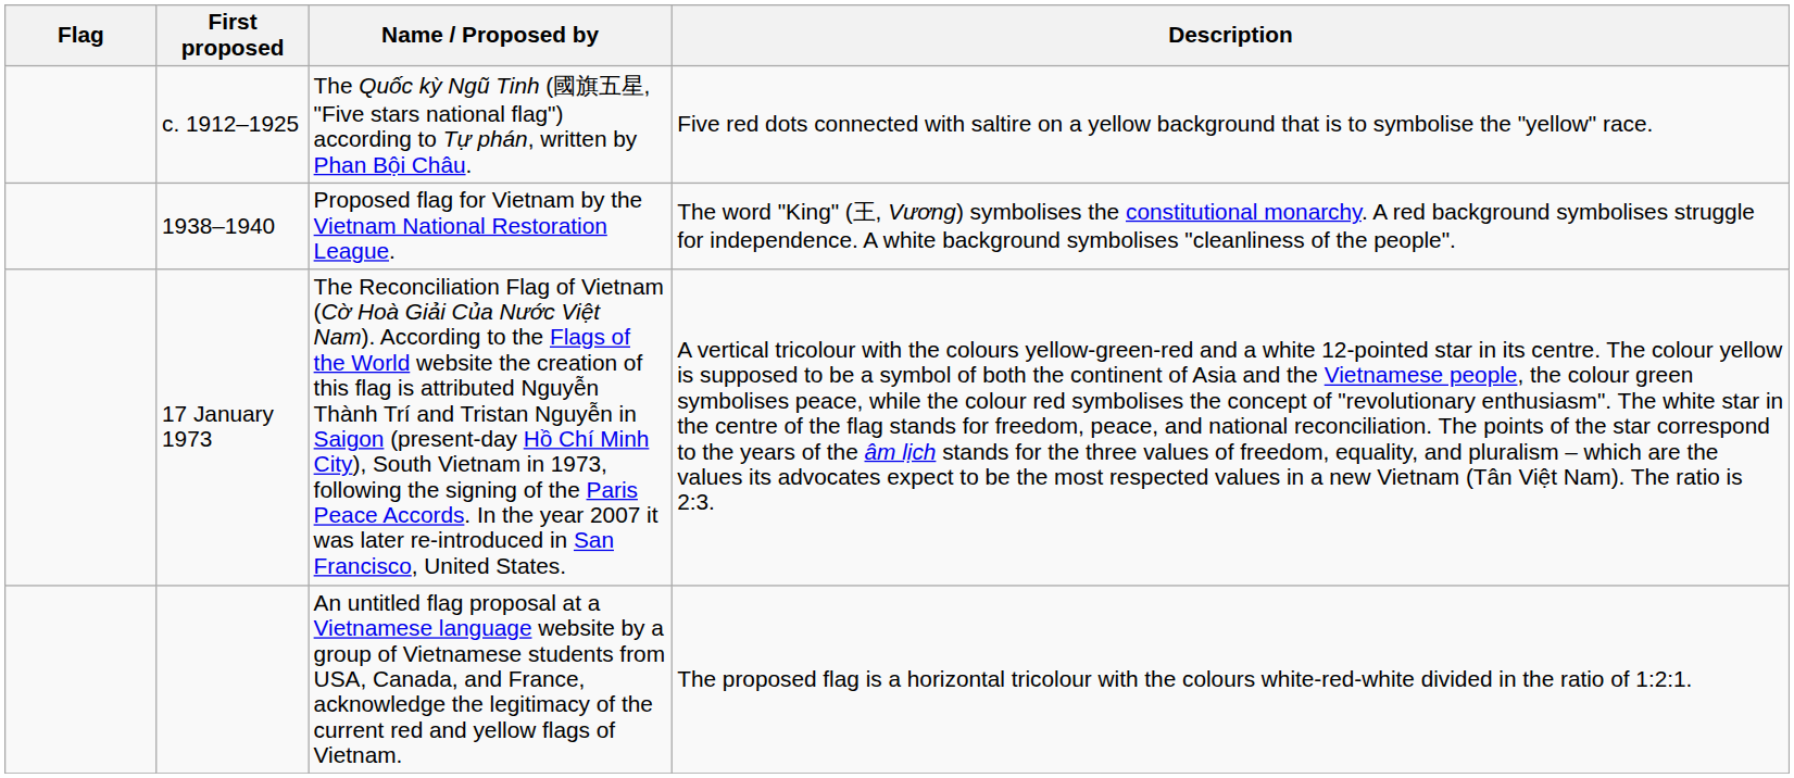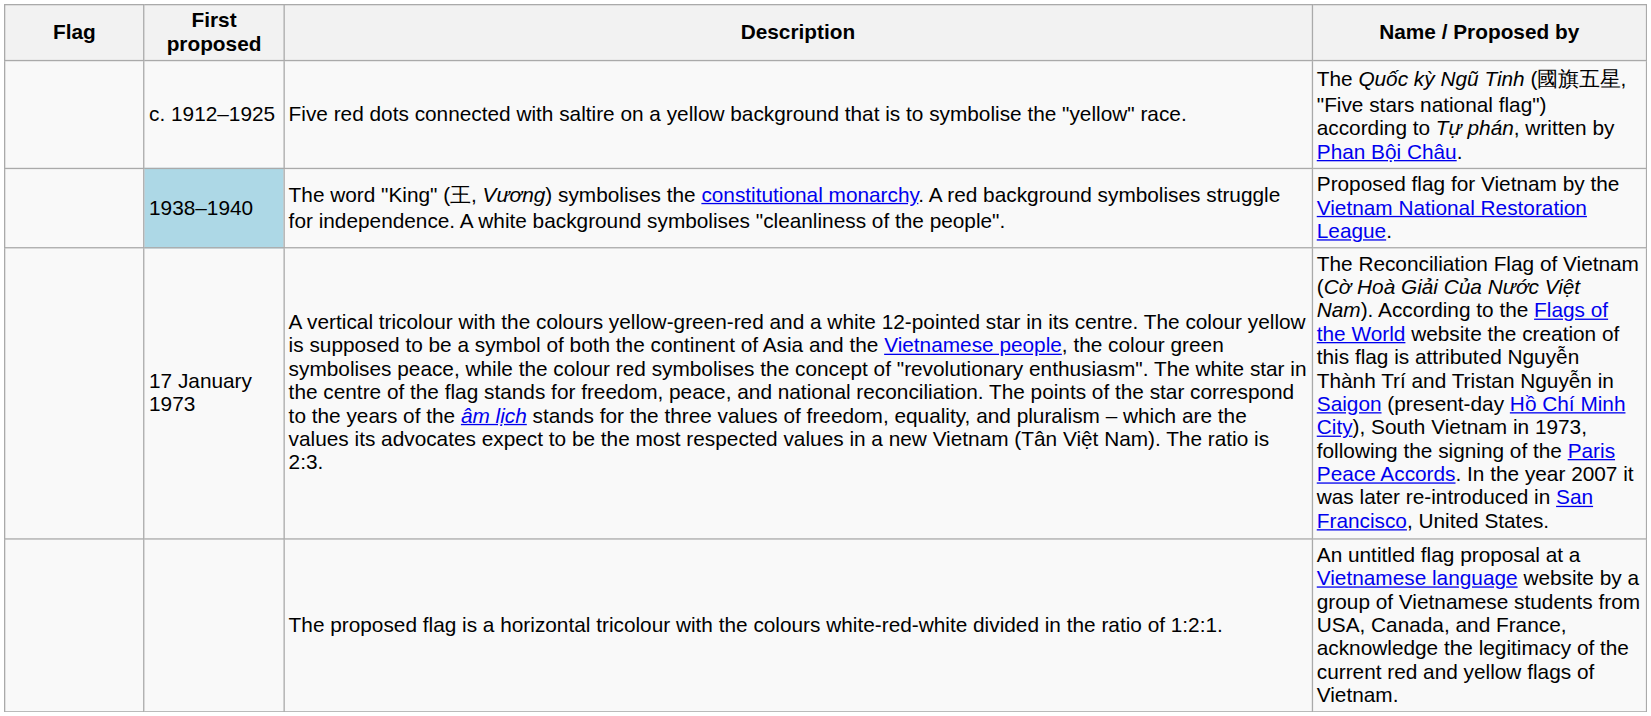 <table class="wikitable" style="width:100%">
 <tr>
 <th width="100px">Flag</th>
 <th width="100px">First proposed</th>
+<th style="min-width:250px">Description</th>
 <th width="250px">Name / Proposed by</th>
-<th style="min-width:250px">Description</th>
 </tr>
 <tr>
 <td></td>
 <td>c. 1912–1925</td>
+<td>Five red dots connected with saltire on a yellow background that is to symbolise the "yellow" race.</td>
 <td>The <em>Quốc kỳ Ngũ Tinh</em> (國旗五星, "Five stars national flag") according to <em>Tự phán</em>, written by <a href='#'>Phan Bội Châu</a>.</td>
-<td>Five red dots connected with saltire on a yellow background that is to symbolise the "yellow" race.</td>
 </tr>
 <tr>
 <td></td>
-<td>1938–1940</td>
+<td style="background: lightblue;">1938–1940</td>
+<td>The word "King" (王, <em>Vương</em>) symbolises the <a href='#'>constitutional monarchy</a>. A red background symbolises struggle for independence. A white background symbolises "cleanliness of the people".</td>
 <td>Proposed flag for Vietnam by the <a href='#'>Vietnam National Restoration League</a>.</td>
-<td>The word "King" (王, <em>Vương</em>) symbolises the <a href='#'>constitutional monarchy</a>. A red background symbolises struggle for independence. A white background symbolises "cleanliness of the people".</td>
 </tr>
 <tr>
 <td></td>
 <td>17 January 1973</td>
+<td>A vertical tricolour with the colours yellow-green-red and a white 12-pointed star in its centre. The colour yellow is supposed to be a symbol of both the continent of Asia and the <a href='#'>Vietnamese people</a>, the colour green symbolises peace, while the colour red symbolises the concept of "revolutionary enthusiasm". The white star in the centre of the flag stands for freedom, peace, and national reconciliation. The points of the star correspond to the years of the <em><a href='#'>âm lịch</a></em> stands for the three values of freedom, equality, and pluralism – which are the values its advocates expect to be the most respected values in a new Vietnam (Tân Việt Nam). The ratio is 2:3.</td>
 <td>The Reconciliation Flag of Vietnam (<em>Cờ Hoà Giải Của Nước Việt Nam</em>). According to the <a href='#'>Flags of the World</a> website the creation of this flag is attributed Nguyễn Thành Trí and Tristan Nguyễn in <a href='#'>Saigon</a> (present-day <a href='#'>Hồ Chí Minh City</a>), South Vietnam in 1973, following the signing of the <a href='#'>Paris Peace Accords</a>. In the year 2007 it was later re-introduced in <a href='#'>San Francisco</a>, United States.</td>
-<td>A vertical tricolour with the colours yellow-green-red and a white 12-pointed star in its centre. The colour yellow is supposed to be a symbol of both the continent of Asia and the <a href='#'>Vietnamese people</a>, the colour green symbolises peace, while the colour red symbolises the concept of "revolutionary enthusiasm". The white star in the centre of the flag stands for freedom, peace, and national reconciliation. The points of the star correspond to the years of the <em><a href='#'>âm lịch</a></em> stands for the three values of freedom, equality, and pluralism – which are the values its advocates expect to be the most respected values in a new Vietnam (Tân Việt Nam). The ratio is 2:3.</td>
 </tr>
 <tr>
 <td></td>
 <td></td>
+<td>The proposed flag is a horizontal tricolour with the colours white-red-white divided in the ratio of 1:2:1.</td>
 <td>An untitled flag proposal at a <a href='#'>Vietnamese language</a> website by a group of Vietnamese students from USA, Canada, and France, acknowledge the legitimacy of the current red and yellow flags of Vietnam.</td>
-<td>The proposed flag is a horizontal tricolour with the colours white-red-white divided in the ratio of 1:2:1.</td>
 </tr>
 </table>
